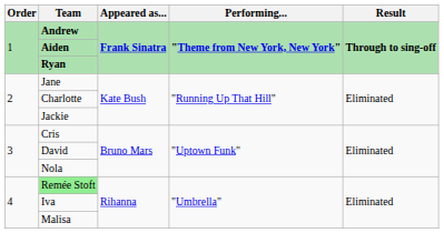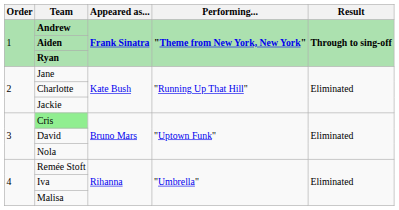 <table class="wikitable">
 <tr>
 <th>Order</th>
 <th>Team</th>
 <th>Appeared as...</th>
 <th>Performing...</th>
 <th>Result</th>
 </tr>
 <tr style="background:#ACE1AF;">
 <td rowspan="3" style="background:#ACE1AF;">1</td>
 <td style="background:#ACE1AF;"><strong>Andrew</strong></td>
 <td rowspan="3" style="background:#ACE1AF;"><strong><a href='#'>Frank Sinatra</a></strong></td>
 <td rowspan="3" style="background:#ACE1AF;"><strong>"<a href='#'>Theme from New York, New York</a>"</strong></td>
 <td rowspan="3" style="background:#ACE1AF;"><strong>Through to sing-off</strong></td>
 </tr>
 <tr>
 <td style="background:#ACE1AF;"><strong>Aiden</strong></td>
 </tr>
 <tr>
 <td style="background:#ACE1AF;"><strong>Ryan</strong></td>
 </tr>
 <tr>
 <td rowspan="3">2</td>
 <td>Jane</td>
 <td rowspan="3"><a href='#'>Kate Bush</a></td>
 <td rowspan="3">"<a href='#'>Running Up That Hill</a>"</td>
 <td rowspan="3">Eliminated</td>
 </tr>
 <tr>
 <td>Charlotte</td>
 </tr>
 <tr>
 <td>Jackie</td>
 </tr>
 <tr>
 <td rowspan="3">3</td>
-<td>Cris</td>
+<td style="background: lightgreen;">Cris</td>
 <td rowspan="3"><a href='#'>Bruno Mars</a></td>
 <td rowspan="3">"<a href='#'>Uptown Funk</a>"</td>
 <td rowspan="3">Eliminated</td>
 </tr>
 <tr>
 <td>David</td>
 </tr>
 <tr>
 <td>Nola</td>
 </tr>
 <tr>
 <td rowspan="3">4</td>
-<td style="background: lightgreen;">Remée Stoft</td>
+<td>Remée Stoft</td>
 <td rowspan="3"><a href='#'>Rihanna</a></td>
 <td rowspan="3">"<a href='#'>Umbrella</a>"</td>
 <td rowspan="3">Eliminated</td>
 </tr>
 <tr>
 <td>Iva</td>
 </tr>
 <tr>
 <td>Malisa</td>
 </tr>
 </table>
